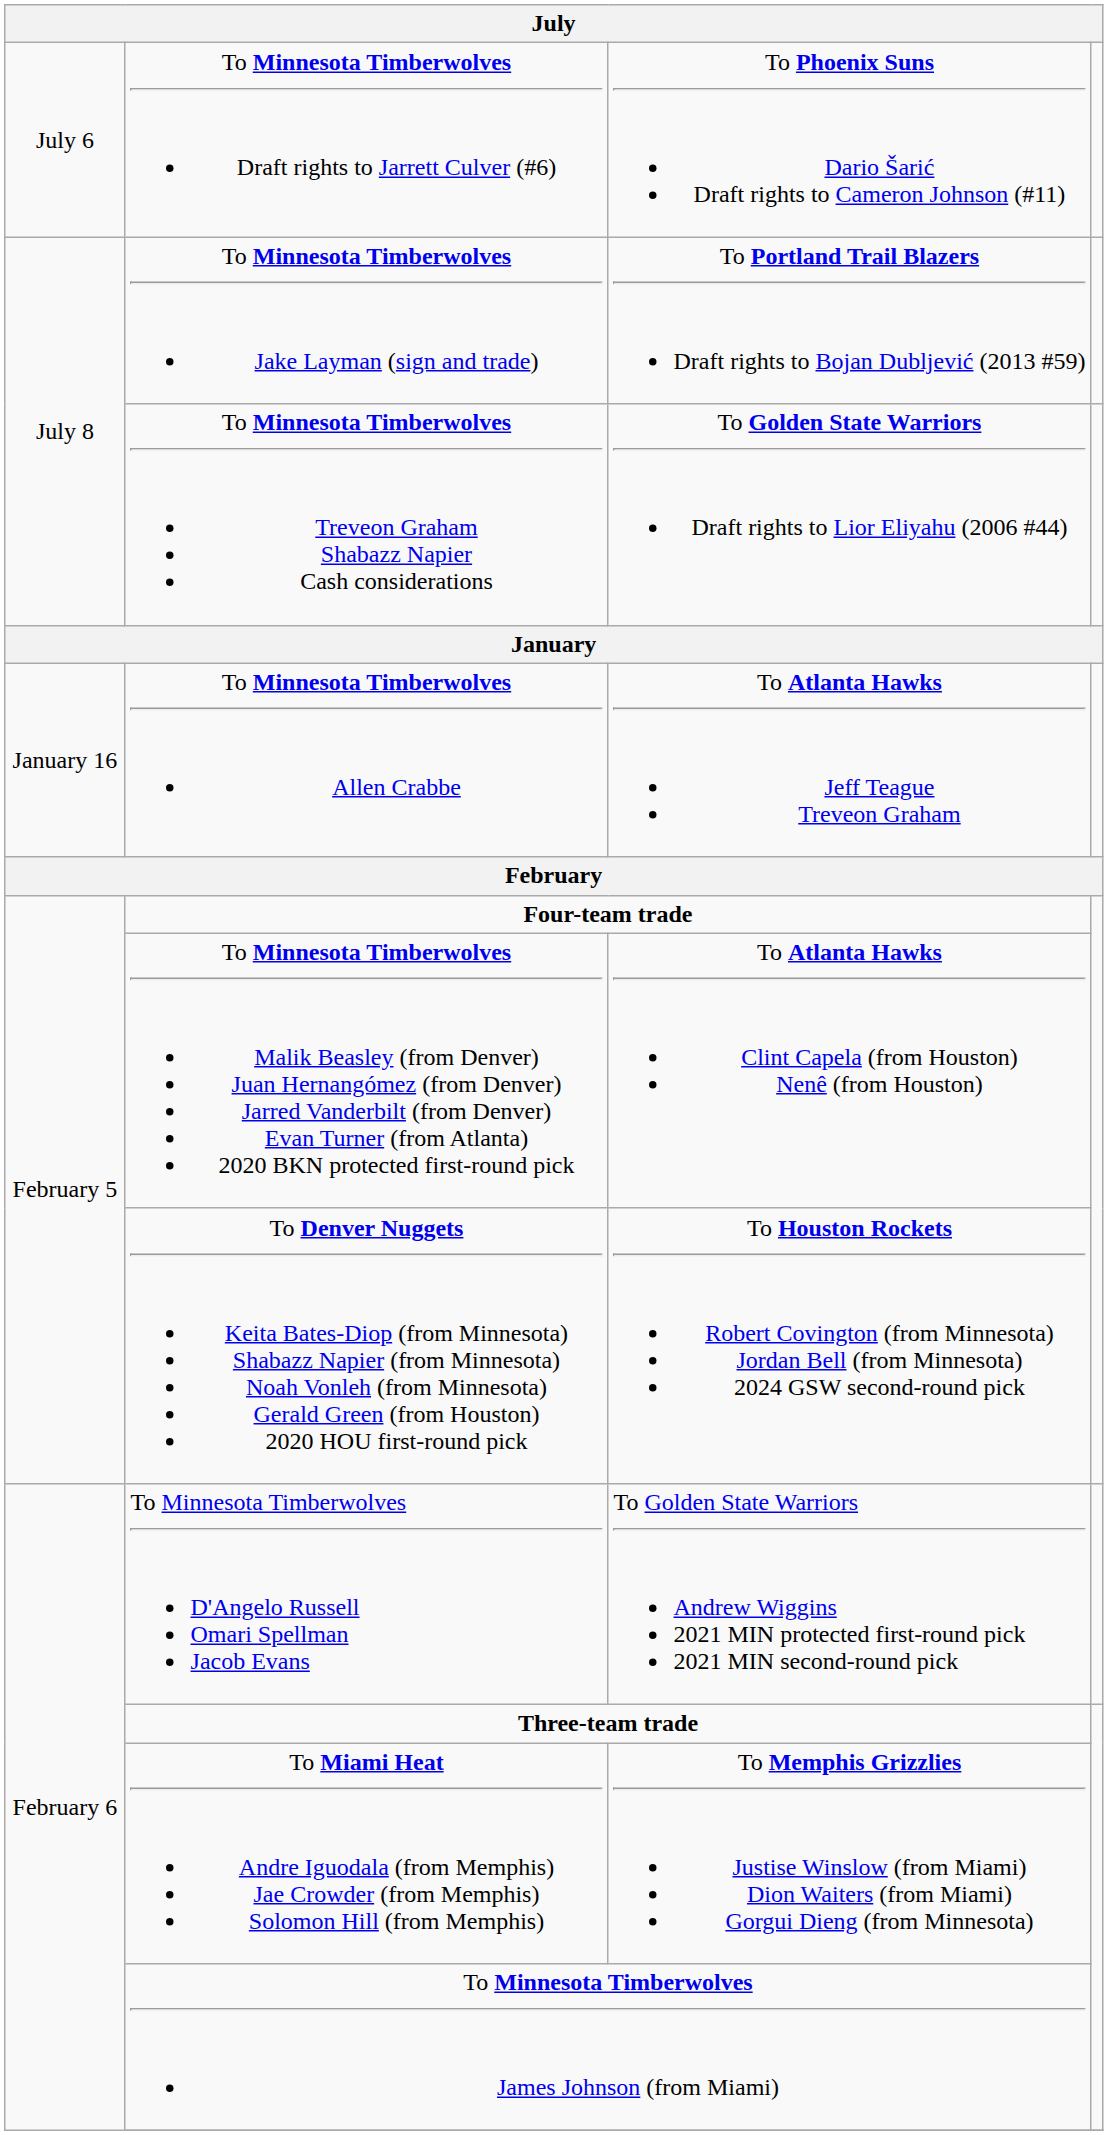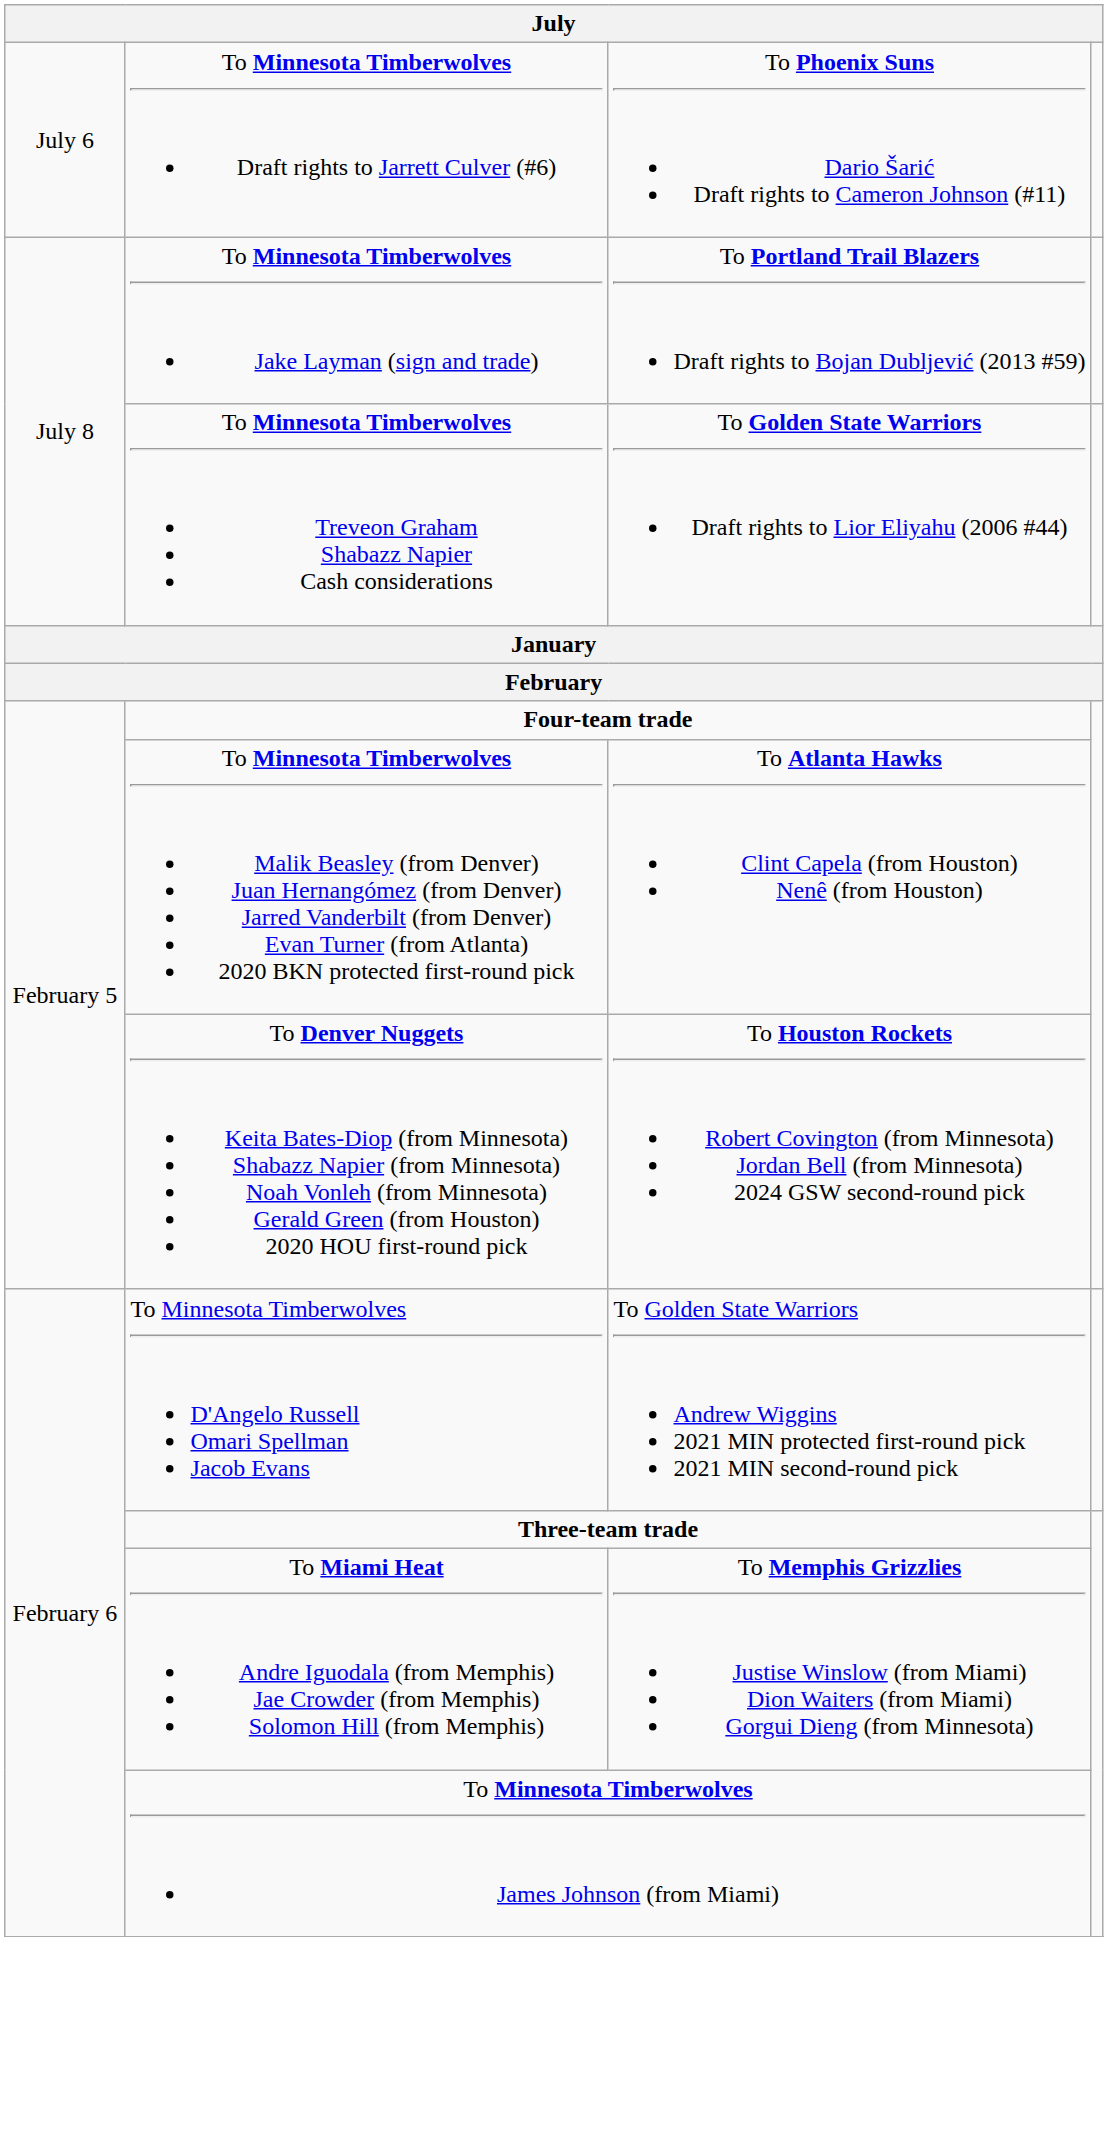 <table class="wikitable" style="text-align:center">
 <tr>
 <th colspan="4">July</th>
 </tr>
 <tr>
 <td>July 6</td>
 <td style="width:44%; vertical-align:top;">To <strong><a href='#'>Minnesota Timberwolves</a></strong><hr><br><ul><li>Draft rights to <a href='#'>Jarrett Culver</a> (#6)</li></ul></td>
 <td style="width:44%; vertical-align:top;">To <strong><a href='#'>Phoenix Suns</a></strong><hr><br><ul><li><a href='#'>Dario Šarić</a></li><li>Draft rights to <a href='#'>Cameron Johnson</a> (#11)</li></ul></td>
 <td align="center"></td>
 </tr>
 <tr>
 <td rowspan=2>July 8</td>
 <td style="width:44%; vertical-align:top;">To <strong><a href='#'>Minnesota Timberwolves</a></strong><hr><br><ul><li><a href='#'>Jake Layman</a> (<a href='#'>sign and trade</a>)</li></ul></td>
 <td style="width:44%; vertical-align:top;">To <strong><a href='#'>Portland Trail Blazers</a></strong><hr><br><ul><li>Draft rights to <a href='#'>Bojan Dubljević</a> (2013 #59)</li></ul></td>
 <td align="center"></td>
 </tr>
 <tr>
 <td style="width:44%; vertical-align:top;">To <strong><a href='#'>Minnesota Timberwolves</a></strong><hr><br><ul><li><a href='#'>Treveon Graham</a></li><li><a href='#'>Shabazz Napier</a></li><li>Cash considerations</li></ul></td>
 <td style="width:44%; vertical-align:top;">To <strong><a href='#'>Golden State Warriors</a></strong><hr><br><ul><li>Draft rights to <a href='#'>Lior Eliyahu</a> (2006 #44)</li></ul></td>
 <td align="center"></td>
 </tr>
 <tr>
 <th colspan="4">January</th>
-</tr>
-<tr>
-<td>January 16</td>
-<td style="width:44%; vertical-align:top;">To <strong><a href='#'>Minnesota Timberwolves</a></strong><hr><br><ul><li><a href='#'>Allen Crabbe</a></li></ul></td>
-<td style="width:44%; vertical-align:top;">To <strong><a href='#'>Atlanta Hawks</a></strong><hr><br><ul><li><a href='#'>Jeff Teague</a></li><li><a href='#'>Treveon Graham</a></li></ul></td>
-<td align="center"></td>
 </tr>
 <tr>
 <th colspan="4">February</th>
 </tr>
 <tr>
 <td rowspan="3">February 5</td>
 <td colspan="2"><strong>Four-team trade</strong></td>
 <td rowspan="3"></td>
 </tr>
 <tr>
 <td style="width:44%; vertical-align:top;">To <strong><a href='#'>Minnesota Timberwolves</a></strong><hr><br><ul><li><a href='#'>Malik Beasley</a> (from Denver)</li><li><a href='#'>Juan Hernangómez</a> (from Denver)</li><li><a href='#'>Jarred Vanderbilt</a> (from Denver)</li><li><a href='#'>Evan Turner</a> (from Atlanta)</li><li>2020 BKN protected first-round pick</li></ul></td>
 <td style="width:44%; vertical-align:top;">To <strong><a href='#'>Atlanta Hawks</a></strong><hr><br><ul><li><a href='#'>Clint Capela</a> (from Houston)</li><li><a href='#'>Nenê</a> (from Houston)</li></ul></td>
 </tr>
 <tr>
 <td style="width:44%; vertical-align:top;">To <strong><a href='#'>Denver Nuggets</a></strong><hr><br><ul><li><a href='#'>Keita Bates-Diop</a> (from Minnesota)</li><li><a href='#'>Shabazz Napier</a> (from Minnesota)</li><li><a href='#'>Noah Vonleh</a> (from Minnesota)</li><li><a href='#'>Gerald Green</a> (from Houston)</li><li>2020 HOU first-round pick</li></ul></td>
 <td style="width:44%; vertical-align:top;">To <strong><a href='#'>Houston Rockets</a></strong><hr><br><ul><li><a href='#'>Robert Covington</a> (from Minnesota)</li><li><a href='#'>Jordan Bell</a> (from Minnesota)</li><li>2024 GSW second-round pick</li></ul></td>
 </tr>
 <tr>
 <td rowspan="5">February 6</td>
 <td align="left" valign="top">To <a href='#'>Minnesota Timberwolves</a><hr><br><ul><li><a href='#'>D'Angelo Russell</a></li><li><a href='#'>Omari Spellman</a></li><li><a href='#'>Jacob Evans</a></li></ul></td>
 <td align="left" valign="top">To <a href='#'>Golden State Warriors</a><hr><br><ul><li><a href='#'>Andrew Wiggins</a></li><li>2021 MIN protected first-round pick</li><li>2021 MIN second-round pick</li></ul></td>
 <td></td>
 </tr>
 <tr>
 <td colspan="2"><strong>Three-team trade</strong></td>
 <td rowspan="3"></td>
 </tr>
 <tr>
 <td style="width:44%; vertical-align:top;">To <strong><a href='#'>Miami Heat</a></strong><hr><br><ul><li><a href='#'>Andre Iguodala</a> (from Memphis)</li><li><a href='#'>Jae Crowder</a> (from Memphis)</li><li><a href='#'>Solomon Hill</a> (from Memphis)</li></ul></td>
 <td style="width:44%; vertical-align:top;">To <strong><a href='#'>Memphis Grizzlies</a></strong><hr><br><ul><li><a href='#'>Justise Winslow</a> (from Miami)</li><li><a href='#'>Dion Waiters</a> (from Miami)</li><li><a href='#'>Gorgui Dieng</a> (from Minnesota)</li></ul></td>
 </tr>
 <tr>
 <td colspan="2" style="width:44%; vertical-align:top;">To <strong><a href='#'>Minnesota Timberwolves</a></strong><hr><br><ul><li><a href='#'>James Johnson</a> (from Miami)</li></ul></td>
 </tr>
 <tr>
 </tr>
 </table>
